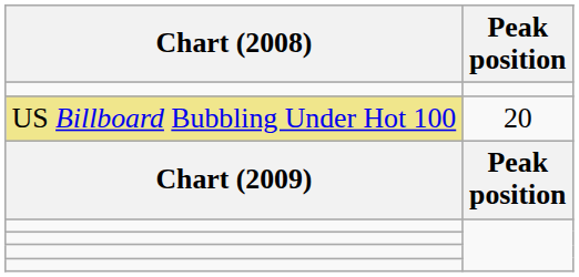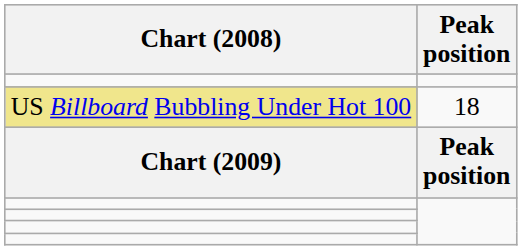 <table class="wikitable sortable">
 <tr>
 <th align="left">Chart (2008)</th>
 <th align="center">Peak<br>position</th>
 </tr>
 <tr>
 <td></td>
 </tr>
 <tr>
 <td style="background: khaki;">US <em><a href='#'>Billboard</a></em> <a href='#'>Bubbling Under Hot 100</a></td>
-<td align="center">20</td>
+<td align="center">18</td>
 </tr>
 <tr>
 <th align="left">Chart (2009)</th>
 <th align="center">Peak<br>position</th>
 </tr>
 <tr>
 <td></td>
 </tr>
 <tr>
 <td></td>
 </tr>
 <tr>
 <td></td>
 </tr>
 <tr>
 <td></td>
 </tr>
 </table>
